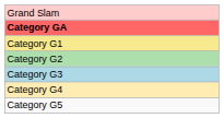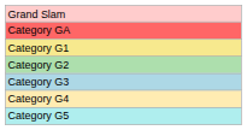 <table class="wikitable" style="font-size:85%;" width=15%>
 <tr bgcolor=#ffcccc>
 <td>Grand Slam</td>
 </tr>
 <tr bgcolor=#FF6666>
-<td><strong>Category GA</strong></td>
+<td>Category GA</td>
 </tr>
 <tr bgcolor="#F7E98E">
 <td>Category G1</td>
 </tr>
 <tr bgcolor="#ADDFAD">
 <td>Category G2</td>
 </tr>
 <tr bgcolor="lightblue">
 <td>Category G3</td>
 </tr>
 <tr bgcolor=#ffecb2>
 <td>Category G4</td>
 </tr>
 <tr>
-<td>Category G5</td>
+<td style="background: paleturquoise;">Category G5</td>
 </tr>
 </table>
